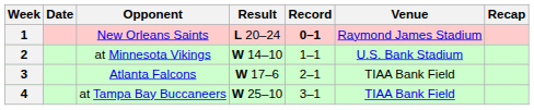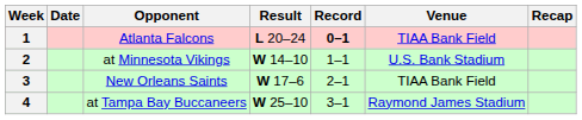 <table class="wikitable" style="text-align:center">
 <tr>
 <th>Week</th>
 <th>Date</th>
 <th>Opponent</th>
 <th>Result</th>
 <th>Record</th>
 <th>Venue</th>
 <th>Recap</th>
 </tr>
 <tr style="background:#fcc">
 <th>1</th>
 <td></td>
-<td><a href='#'>New Orleans Saints</a></td>
+<td><a href='#'>Atlanta Falcons</a></td>
 <td><strong>L</strong> 20–24</td>
 <td><strong>0–1</strong></td>
-<td><a href='#'>Raymond James Stadium</a></td>
+<td><a href='#'>TIAA Bank Field</a></td>
 <td></td>
 </tr>
 <tr style="background:#cfc">
 <th>2</th>
 <td></td>
 <td>at <a href='#'>Minnesota Vikings</a></td>
 <td><strong>W</strong> 14–10</td>
 <td>1–1</td>
 <td><a href='#'>U.S. Bank Stadium</a></td>
 <td></td>
 </tr>
 <tr style="background:#cfc">
 <th>3</th>
 <td></td>
-<td><a href='#'>Atlanta Falcons</a></td>
+<td><a href='#'>New Orleans Saints</a></td>
 <td><strong>W</strong> 17–6</td>
 <td>2–1</td>
 <td>TIAA Bank Field</td>
 <td></td>
 </tr>
 <tr style="background:#cfc">
 <th>4</th>
 <td></td>
 <td>at <a href='#'>Tampa Bay Buccaneers</a></td>
 <td><strong>W</strong> 25–10</td>
 <td>3–1</td>
-<td><a href='#'>TIAA Bank Field</a></td>
+<td><a href='#'>Raymond James Stadium</a></td>
 <td></td>
 </tr>
 </table>
